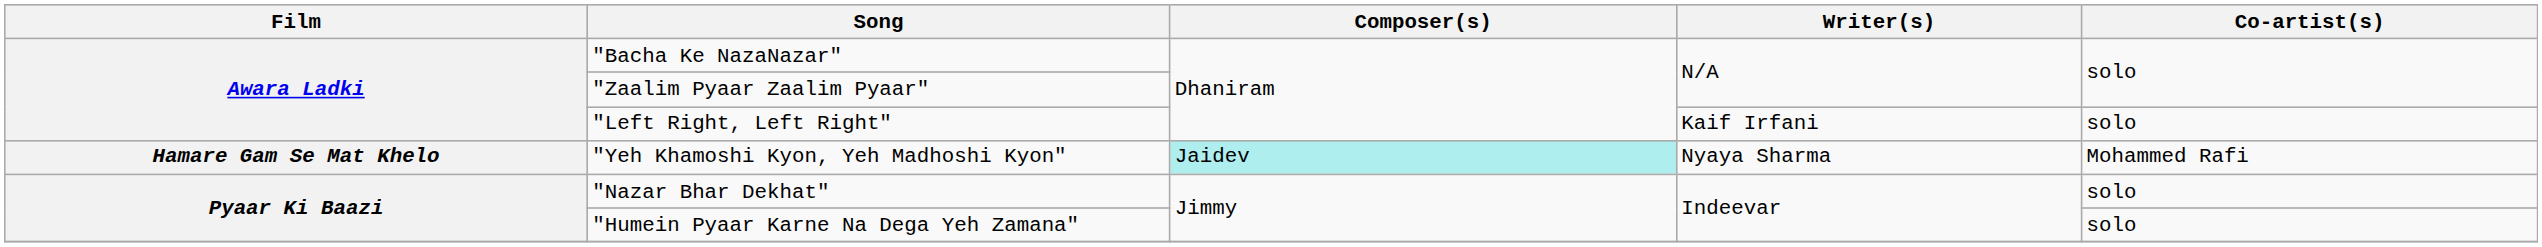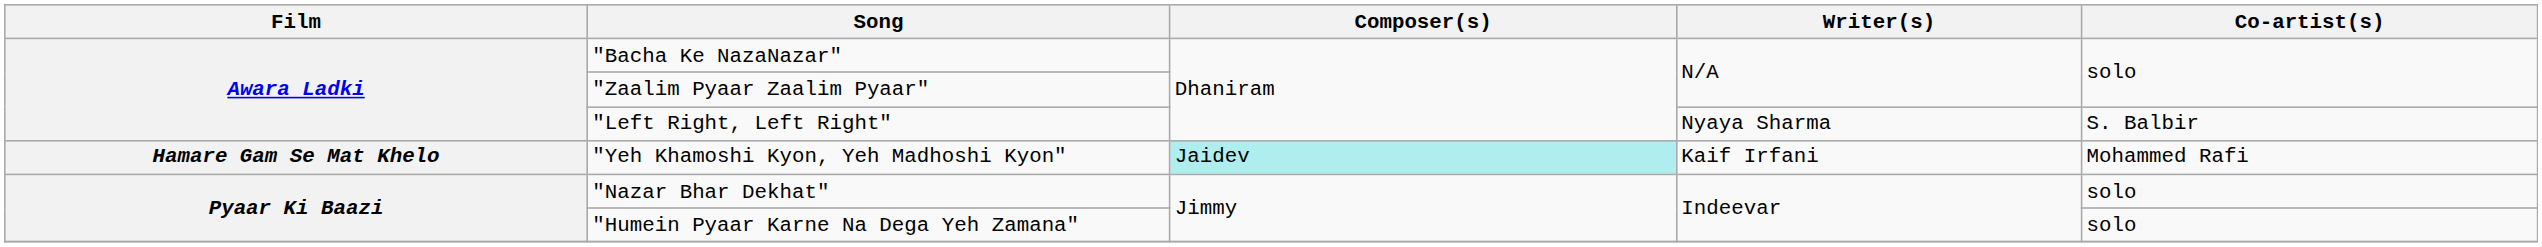 <table class="wikitable plainrowheaders" width="100%" textcolor:#000;">
 <tr style="background:#b0e0e66;">
 <th scope="col" width=23%><strong>Film</strong></th>
 <th scope="col" width=23%><strong>Song</strong></th>
 <th scope="col" width=20%><strong>Composer(s)</strong></th>
 <th scope="col" width=16%><strong>Writer(s)</strong></th>
 <th scope="col" width=18%><strong>Co-artist(s)</strong></th>
 </tr>
 <tr>
 <th Rowspan=3><em><a href='#'>Awara Ladki</a></em></th>
 <td>"Bacha Ke NazaNazar"</td>
 <td rowspan=3>Dhaniram</td>
 <td rowspan=2>N/A</td>
 <td rowspan=2>solo</td>
 </tr>
 <tr>
 <td>"Zaalim Pyaar Zaalim Pyaar"</td>
 </tr>
 <tr>
 <td>"Left Right, Left Right"</td>
-<td>Kaif Irfani</td>
-<td>solo</td>
+<td>Nyaya Sharma</td>
+<td>S. Balbir</td>
 </tr>
 <tr>
 <th><em>Hamare Gam Se Mat Khelo</em></th>
 <td>"Yeh Khamoshi Kyon, Yeh Madhoshi Kyon"</td>
 <td style="background: paleturquoise;">Jaidev</td>
-<td>Nyaya Sharma</td>
+<td>Kaif Irfani</td>
 <td>Mohammed Rafi</td>
 </tr>
 <tr>
 <th Rowspan=2><em>Pyaar Ki Baazi</em></th>
 <td>"Nazar Bhar Dekhat"</td>
 <td rowspan=2>Jimmy</td>
 <td rowspan=2>Indeevar</td>
 <td>solo</td>
 </tr>
 <tr>
 <td>"Humein Pyaar Karne Na Dega Yeh Zamana"</td>
 <td>solo</td>
 </tr>
 <tr>
 </tr>
 </table>
